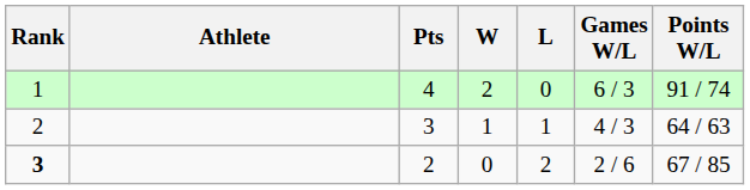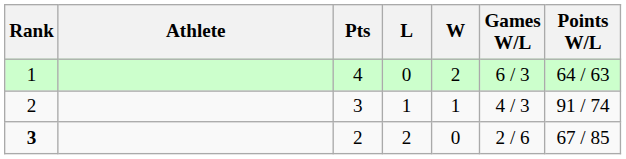 <table class="wikitable" style="text-align: center; font-size:90% ">
 <tr>
 <th width="20">Rank</th>
 <th width="200">Athlete</th>
 <th width="30">Pts</th>
+<th width="30">L</th>
 <th width="30">W</th>
-<th width="30">L</th>
 <th width="40">Games<br>W/L</th>
 <th width="50">Points<br>W/L</th>
 </tr>
 <tr bgcolor=#ccffcc>
 <td>1</td>
 <td align=left></td>
 <td>4</td>
+<td>0</td>
 <td>2</td>
-<td>0</td>
 <td>6 / 3</td>
-<td>91 / 74</td>
+<td>64 / 63</td>
 </tr>
 <tr>
 <td>2</td>
 <td align=left></td>
 <td>3</td>
 <td>1</td>
 <td>1</td>
 <td>4 / 3</td>
-<td>64 / 63</td>
+<td>91 / 74</td>
 </tr>
 <tr>
 <td><strong>3</strong></td>
 <td align=left></td>
 <td>2</td>
+<td>2</td>
 <td>0</td>
-<td>2</td>
 <td>2 / 6</td>
 <td>67 / 85</td>
 </tr>
 </table>
